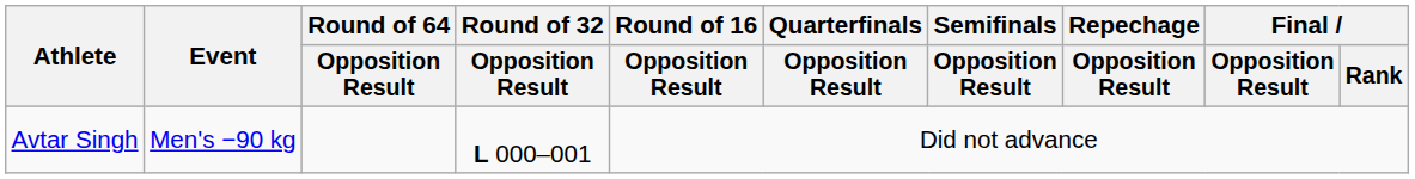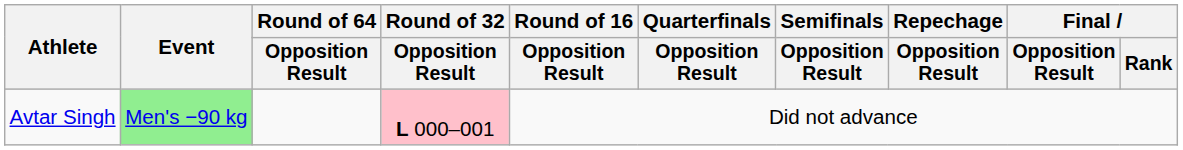 <table class="wikitable" style="font-size:90%;">
 <tr>
 <th rowspan=2>Athlete</th>
 <th rowspan=2>Event</th>
 <th>Round of 64</th>
 <th>Round of 32</th>
 <th>Round of 16</th>
 <th>Quarterfinals</th>
 <th>Semifinals</th>
 <th>Repechage</th>
 <th colspan=2>Final / </th>
 </tr>
 <tr style="font-size:95%">
 <th>Opposition<br>Result</th>
 <th>Opposition<br>Result</th>
 <th>Opposition<br>Result</th>
 <th>Opposition<br>Result</th>
 <th>Opposition<br>Result</th>
 <th>Opposition<br>Result</th>
 <th>Opposition<br>Result</th>
 <th>Rank</th>
 </tr>
 <tr align=center>
 <td align=left><a href='#'>Avtar Singh</a></td>
-<td align=left><a href='#'>Men's −90 kg</a></td>
+<td align=left style="background: lightgreen;"><a href='#'>Men's −90 kg</a></td>
 <td></td>
-<td><br><strong>L</strong> 000–001</td>
+<td style="background: pink;"><br><strong>L</strong> 000–001</td>
 <td colspan=6>Did not advance</td>
 </tr>
 </table>
